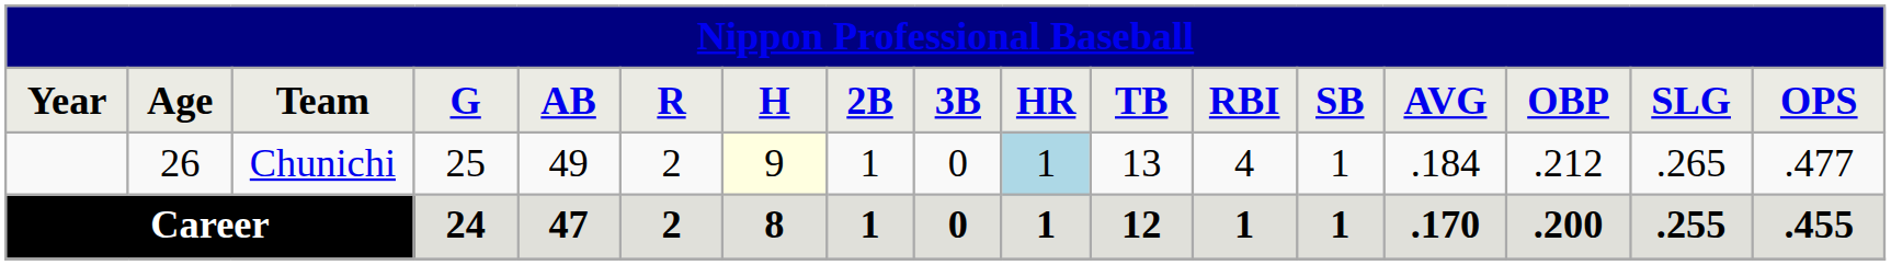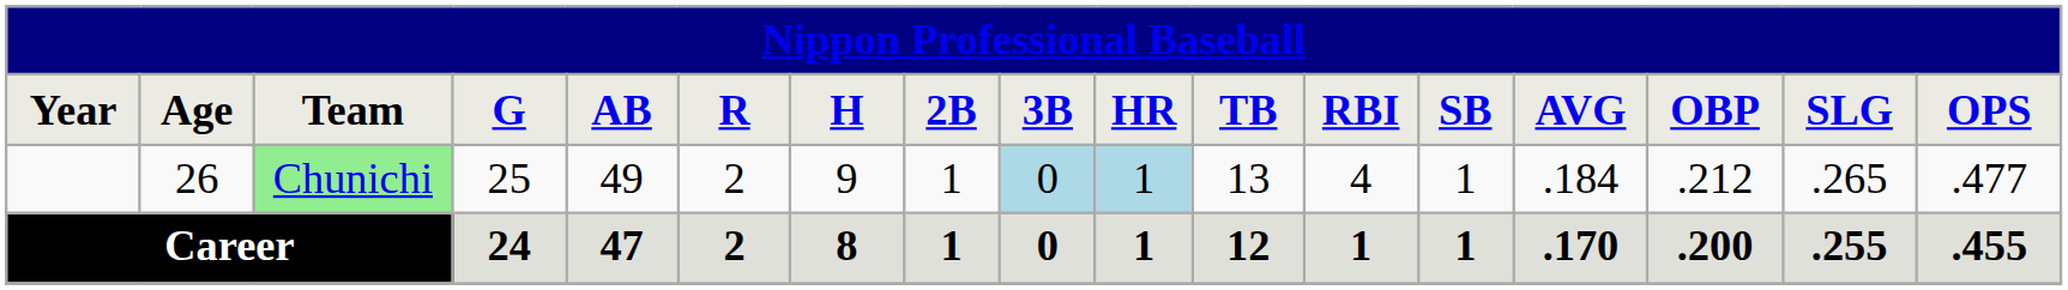 <table class="wikitable">
 <tr>
 <th colspan="17" style="background:#000080;"><a href='#'><span>Nippon Professional Baseball</span></a></th>
 </tr>
 <tr>
 <th style="background:#ebebe4;" width="42">Year</th>
 <th style="background:#ebebe4;" width="34">Age</th>
 <th style="background:#ebebe4;" width="66">Team</th>
 <th style="background:#ebebe4;" width="34"><a href='#'>G</a></th>
 <th style="background:#ebebe4;" width="34"><a href='#'>AB</a></th>
 <th style="background:#ebebe4;" width="34"><a href='#'>R</a></th>
 <th style="background:#ebebe4;" width="34"><a href='#'>H</a></th>
 <th style="background:#ebebe4;" width="28"><a href='#'>2B</a></th>
 <th style="background:#ebebe4;" width="28"><a href='#'>3B</a></th>
 <th style="background:#ebebe4;" width="28"><a href='#'>HR</a></th>
 <th style="background:#ebebe4;" width="34"><a href='#'>TB</a></th>
 <th style="background:#ebebe4;" width="34"><a href='#'>RBI</a></th>
 <th style="background:#ebebe4;" width="28"><a href='#'>SB</a></th>
 <th style="background:#ebebe4;" width="42"><a href='#'>AVG</a></th>
 <th style="background:#ebebe4;" width="42"><a href='#'>OBP</a></th>
 <th style="background:#ebebe4;" width="42"><a href='#'>SLG</a></th>
 <th style="background:#ebebe4;" width="46"><a href='#'>OPS</a></th>
 </tr>
 <tr align=center>
 <td></td>
 <td>26</td>
-<td rowspan=1><a href='#'>Chunichi</a></td>
+<td rowspan=1 style="background: lightgreen;"><a href='#'>Chunichi</a></td>
 <td>25</td>
 <td>49</td>
 <td>2</td>
-<td style="background: lightyellow;">9</td>
+<td>9</td>
 <td>1</td>
-<td>0</td>
+<td style="background: lightblue;">0</td>
 <td style="background: lightblue;">1</td>
 <td>13</td>
 <td>4</td>
 <td>1</td>
 <td>.184</td>
 <td>.212</td>
 <td>.265</td>
 <td>.477</td>
 </tr>
 <tr align=center style="background:#e0e0da;">
 <td colspan=3 style="background:#000000;color:white;"><strong>Career</strong></td>
 <td><strong>24</strong></td>
 <td><strong>47</strong></td>
 <td><strong>2</strong></td>
 <td><strong>8</strong></td>
 <td><strong>1</strong></td>
 <td><strong>0</strong></td>
 <td><strong>1</strong></td>
 <td><strong>12</strong></td>
 <td><strong>1</strong></td>
 <td><strong>1</strong></td>
 <td><strong>.170</strong></td>
 <td><strong>.200</strong></td>
 <td><strong>.255</strong></td>
 <td><strong>.455</strong></td>
 </tr>
 <tr>
 </tr>
 </table>
